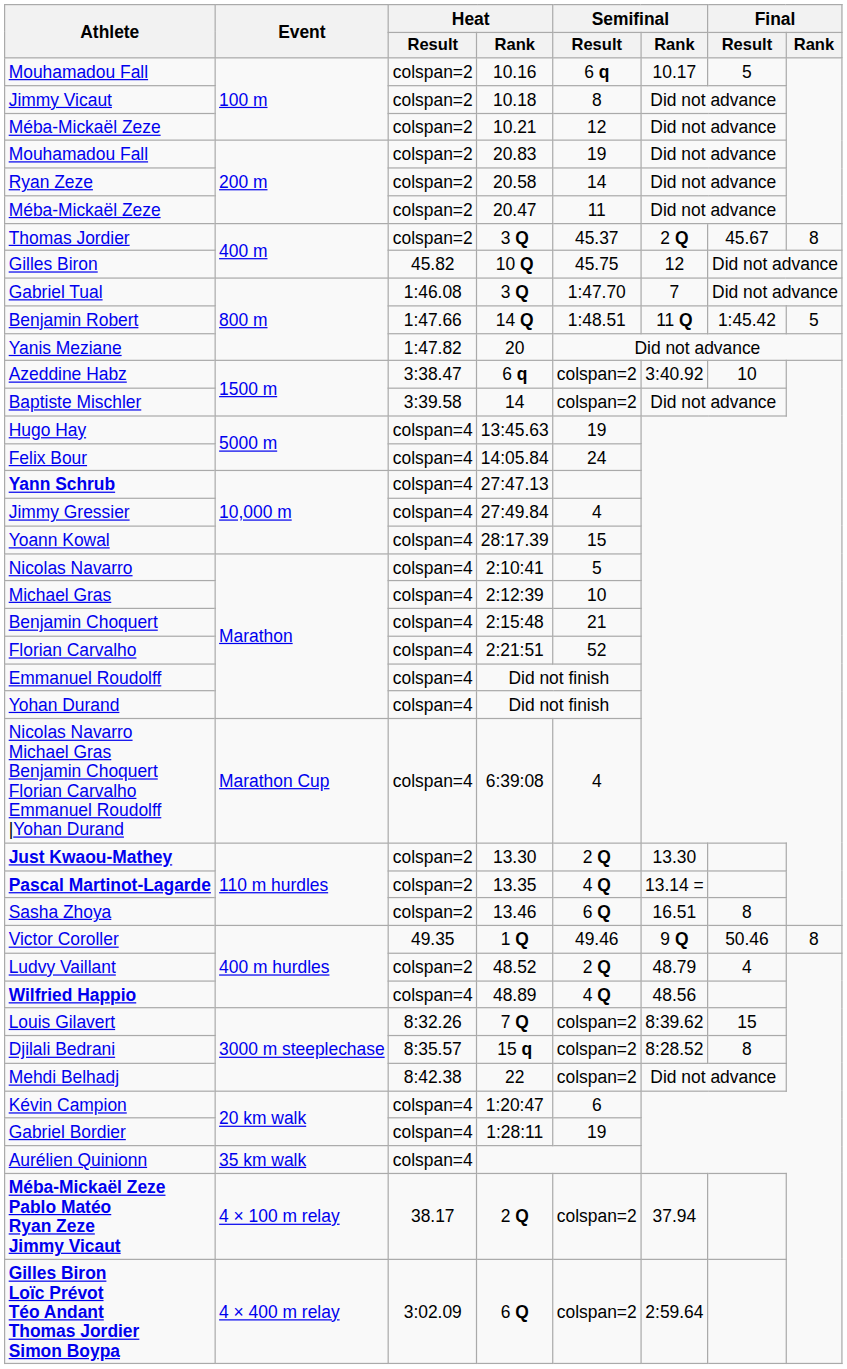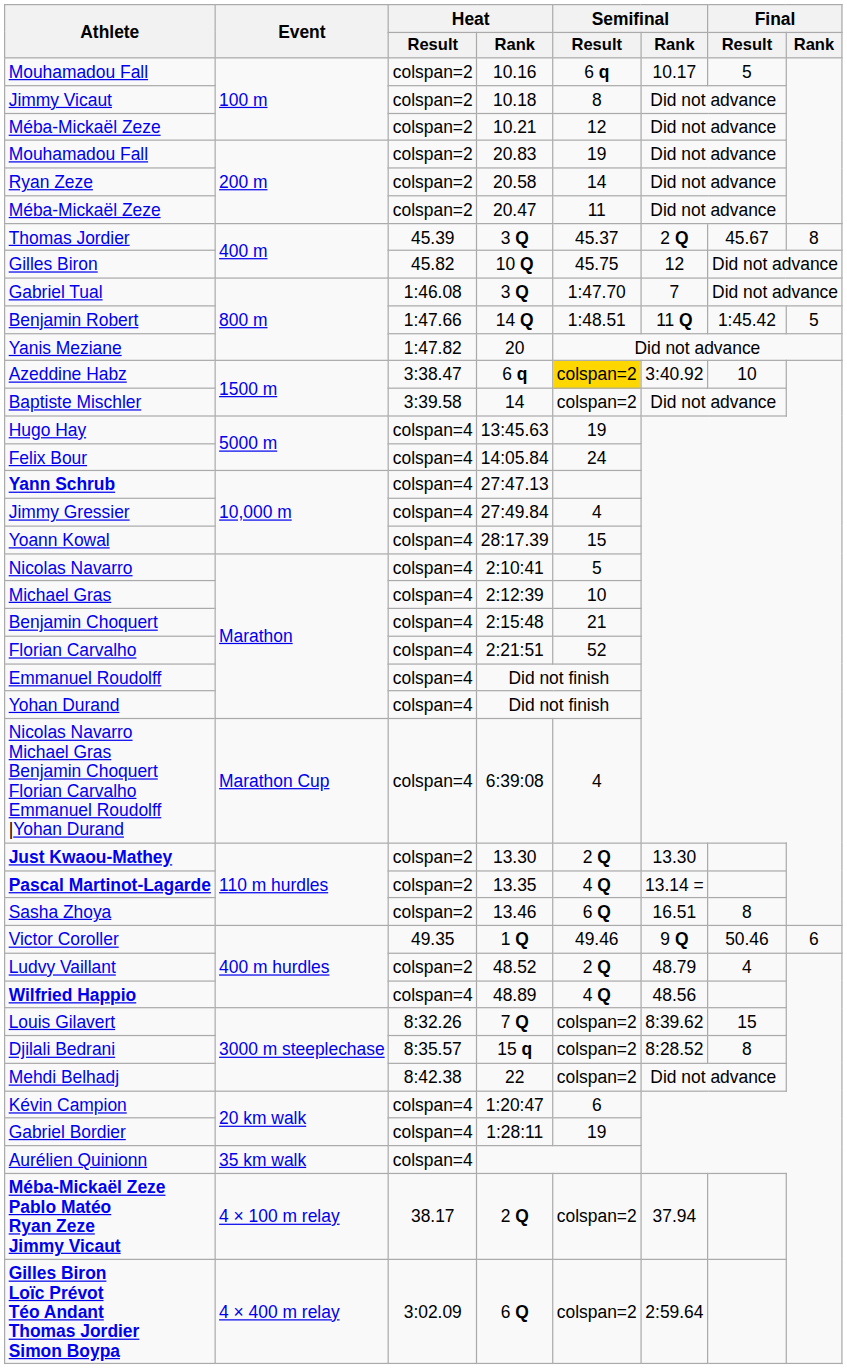 <table class="wikitable" style="font-size:90%">
 <tr>
 <th rowspan="2">Athlete</th>
 <th rowspan="2">Event</th>
 <th colspan="2">Heat</th>
 <th colspan="2">Semifinal</th>
 <th colspan="2">Final</th>
 </tr>
 <tr style="font-size:95%">
 <th>Result</th>
 <th>Rank</th>
 <th>Result</th>
 <th>Rank</th>
 <th>Result</th>
 <th>Rank</th>
 </tr>
 <tr align=center>
 <td align=left><a href='#'>Mouhamadou Fall</a></td>
 <td align=left rowspan=3><a href='#'>100 m</a></td>
 <td>colspan=2 </td>
 <td>10.16</td>
 <td>6 <strong>q</strong></td>
 <td>10.17</td>
 <td>5</td>
 </tr>
 <tr align=center>
 <td align=left><a href='#'>Jimmy Vicaut</a></td>
 <td>colspan=2 </td>
 <td>10.18</td>
 <td>8</td>
 <td colspan=2>Did not advance</td>
 </tr>
 <tr align=center>
 <td align=left><a href='#'>Méba-Mickaël Zeze</a></td>
 <td>colspan=2 </td>
 <td>10.21</td>
 <td>12</td>
 <td colspan=2>Did not advance</td>
 </tr>
 <tr align=center>
 <td align=left><a href='#'>Mouhamadou Fall</a></td>
 <td align=left rowspan=3><a href='#'>200 m</a></td>
 <td>colspan=2 </td>
 <td>20.83</td>
 <td>19</td>
 <td colspan=2>Did not advance</td>
 </tr>
 <tr align=center>
 <td align=left><a href='#'>Ryan Zeze</a></td>
 <td>colspan=2 </td>
 <td>20.58</td>
 <td>14</td>
 <td colspan=2>Did not advance</td>
 </tr>
 <tr align=center>
 <td align=left><a href='#'>Méba-Mickaël Zeze</a></td>
 <td>colspan=2 </td>
 <td>20.47</td>
 <td>11</td>
 <td colspan=2>Did not advance</td>
 </tr>
 <tr align=center>
 <td align=left><a href='#'>Thomas Jordier</a></td>
 <td align=left rowspan=2><a href='#'>400 m</a></td>
-<td>colspan=2 </td>
+<td>45.39 </td>
 <td>3 <strong>Q</strong></td>
 <td>45.37 </td>
 <td>2 <strong>Q</strong></td>
 <td>45.67</td>
 <td>8</td>
 </tr>
 <tr align=center>
 <td align=left><a href='#'>Gilles Biron</a></td>
 <td>45.82</td>
 <td>10 <strong>Q</strong></td>
 <td>45.75</td>
 <td>12</td>
 <td colspan=2>Did not advance</td>
 </tr>
 <tr align=center>
 <td align=left><a href='#'>Gabriel Tual</a></td>
 <td align=left rowspan=3><a href='#'>800 m</a></td>
 <td>1:46.08</td>
 <td>3 <strong>Q</strong></td>
 <td>1:47.70</td>
 <td>7</td>
 <td colspan=2>Did not advance</td>
 </tr>
 <tr align=center>
 <td align=left><a href='#'>Benjamin Robert</a></td>
 <td>1:47.66</td>
 <td>14 <strong>Q</strong></td>
 <td>1:48.51</td>
 <td>11 <strong>Q</strong></td>
 <td>1:45.42</td>
 <td>5</td>
 </tr>
 <tr align=center>
 <td align=left><a href='#'>Yanis Meziane</a></td>
 <td>1:47.82</td>
 <td>20</td>
 <td colspan=4>Did not advance</td>
 </tr>
 <tr align=center>
 <td align=left><a href='#'>Azeddine Habz</a></td>
 <td align=left rowspan=2><a href='#'>1500 m</a></td>
 <td>3:38.47</td>
 <td>6 <strong>q</strong></td>
-<td>colspan=2 </td>
+<td style="background: gold;">colspan=2 </td>
 <td>3:40.92</td>
 <td>10</td>
 </tr>
 <tr align=center>
 <td align=left><a href='#'>Baptiste Mischler</a></td>
 <td>3:39.58</td>
 <td>14</td>
 <td>colspan=2 </td>
 <td colspan=2>Did not advance</td>
 </tr>
 <tr align=center>
 <td align=left><a href='#'>Hugo Hay</a></td>
 <td align=left rowspan=2><a href='#'>5000 m</a></td>
 <td>colspan=4 </td>
 <td>13:45.63</td>
 <td>19</td>
 </tr>
 <tr align=center>
 <td align=left><a href='#'>Felix Bour</a></td>
 <td>colspan=4 </td>
 <td>14:05.84</td>
 <td>24</td>
 </tr>
 <tr align=center>
 <td align=left><strong><a href='#'>Yann Schrub</a></strong></td>
 <td align=left rowspan=3><a href='#'>10,000 m</a></td>
 <td>colspan=4 </td>
 <td>27:47.13 </td>
 <td></td>
 </tr>
 <tr align=center>
 <td align=left><a href='#'>Jimmy Gressier</a></td>
 <td>colspan=4 </td>
 <td>27:49.84</td>
 <td>4</td>
 </tr>
 <tr align=center>
 <td align=left><a href='#'>Yoann Kowal</a></td>
 <td>colspan=4 </td>
 <td>28:17.39</td>
 <td>15</td>
 </tr>
 <tr align=center>
 <td align=left><a href='#'>Nicolas Navarro</a></td>
 <td align=left rowspan=6><a href='#'>Marathon</a></td>
 <td>colspan=4 </td>
 <td>2:10:41</td>
 <td>5</td>
 </tr>
 <tr align=center>
 <td align=left><a href='#'>Michael Gras</a></td>
 <td>colspan=4 </td>
 <td>2:12:39</td>
 <td>10</td>
 </tr>
 <tr align=center>
 <td align=left><a href='#'>Benjamin Choquert</a></td>
 <td>colspan=4 </td>
 <td>2:15:48</td>
 <td>21</td>
 </tr>
 <tr align=center>
 <td align=left><a href='#'>Florian Carvalho</a></td>
 <td>colspan=4 </td>
 <td>2:21:51</td>
 <td>52</td>
 </tr>
 <tr align=center>
 <td align=left><a href='#'>Emmanuel Roudolff</a></td>
 <td>colspan=4 </td>
 <td colspan=2>Did not finish</td>
 </tr>
 <tr align=center>
 <td align=left><a href='#'>Yohan Durand</a></td>
 <td>colspan=4 </td>
 <td colspan=2>Did not finish</td>
 </tr>
 <tr align=center>
 <td align=left><a href='#'>Nicolas Navarro</a><br><a href='#'>Michael Gras</a><br><a href='#'>Benjamin Choquert</a><br><a href='#'>Florian Carvalho</a><br><a href='#'>Emmanuel Roudolff</a><br>|<a href='#'>Yohan Durand</a></td>
 <td align=left><a href='#'>Marathon Cup</a></td>
 <td>colspan=4 </td>
 <td>6:39:08</td>
 <td>4</td>
 </tr>
 <tr align=center>
 <td align=left><strong><a href='#'>Just Kwaou-Mathey</a></strong></td>
 <td align=left rowspan=3><a href='#'>110 m hurdles</a></td>
 <td>colspan=2 </td>
 <td>13.30</td>
 <td>2 <strong>Q</strong></td>
 <td>13.30</td>
 <td></td>
 </tr>
 <tr align=center>
 <td align=left><strong><a href='#'>Pascal Martinot-Lagarde</a></strong></td>
 <td>colspan=2 </td>
 <td>13.35</td>
 <td>4 <strong>Q</strong></td>
 <td>13.14 =</td>
 <td></td>
 </tr>
 <tr align=center>
 <td align=left><a href='#'>Sasha Zhoya</a></td>
 <td>colspan=2 </td>
 <td>13.46</td>
 <td>6 <strong>Q</strong></td>
 <td>16.51</td>
 <td>8</td>
 </tr>
 <tr align=center>
 <td align=left><a href='#'>Victor Coroller</a></td>
 <td align=left rowspan=3><a href='#'>400 m hurdles</a></td>
 <td>49.35</td>
 <td>1 <strong>Q</strong></td>
 <td>49.46</td>
 <td>9 <strong>Q</strong></td>
 <td>50.46</td>
-<td>8</td>
+<td>6</td>
 </tr>
 <tr align=center>
 <td align=left><a href='#'>Ludvy Vaillant</a></td>
 <td>colspan=2 </td>
 <td>48.52 </td>
 <td>2 <strong>Q</strong></td>
 <td>48.79</td>
 <td>4</td>
 </tr>
 <tr align=center>
 <td align=left><strong><a href='#'>Wilfried Happio</a></strong></td>
 <td>colspan=4 </td>
 <td>48.89</td>
 <td>4 <strong>Q</strong></td>
 <td>48.56</td>
 <td></td>
 </tr>
 <tr align=center>
 <td align=left><a href='#'>Louis Gilavert</a></td>
 <td align=left rowspan=3><a href='#'>3000 m steeplechase</a></td>
 <td>8:32.26</td>
 <td>7 <strong>Q</strong></td>
 <td>colspan=2 </td>
 <td>8:39.62</td>
 <td>15</td>
 </tr>
 <tr align=center>
 <td align=left><a href='#'>Djilali Bedrani</a></td>
 <td>8:35.57</td>
 <td>15 <strong>q</strong></td>
 <td>colspan=2 </td>
 <td>8:28.52</td>
 <td>8</td>
 </tr>
 <tr align=center>
 <td align=left><a href='#'>Mehdi Belhadj</a></td>
 <td>8:42.38</td>
 <td>22</td>
 <td>colspan=2 </td>
 <td colspan=2>Did not advance</td>
 </tr>
 <tr align=center>
 <td align=left><a href='#'>Kévin Campion</a></td>
 <td align=left rowspan=2><a href='#'>20 km walk</a></td>
 <td>colspan=4 </td>
 <td>1:20:47 </td>
 <td>6</td>
 </tr>
 <tr align=center>
 <td align=left><a href='#'>Gabriel Bordier</a></td>
 <td>colspan=4 </td>
 <td>1:28:11</td>
 <td>19</td>
 </tr>
 <tr align=center>
 <td align=left><a href='#'>Aurélien Quinionn</a></td>
 <td align=left><a href='#'>35 km walk</a></td>
 <td>colspan=4 </td>
 <td colspan=2></td>
 </tr>
 <tr align=center>
 <td align=left><strong><a href='#'>Méba-Mickaël Zeze</a> <br> <a href='#'>Pablo Matéo</a><br> <a href='#'>Ryan Zeze</a><br><a href='#'>Jimmy Vicaut</a></strong></td>
 <td align=left><a href='#'>4 × 100 m relay</a></td>
 <td>38.17</td>
 <td>2 <strong>Q</strong></td>
 <td>colspan=2 </td>
 <td>37.94 </td>
 <td></td>
 </tr>
 <tr align=center>
 <td align=left><strong><a href='#'>Gilles Biron</a><br> <a href='#'>Loïc Prévot</a><br> <a href='#'>Téo Andant</a><br> <a href='#'>Thomas Jordier</a> <br> <a href='#'>Simon Boypa</a></strong></td>
 <td align=left><a href='#'>4 × 400 m relay</a></td>
 <td>3:02.09</td>
 <td>6 <strong>Q</strong></td>
 <td>colspan=2 </td>
 <td>2:59.64 </td>
 <td></td>
 </tr>
 </table>
